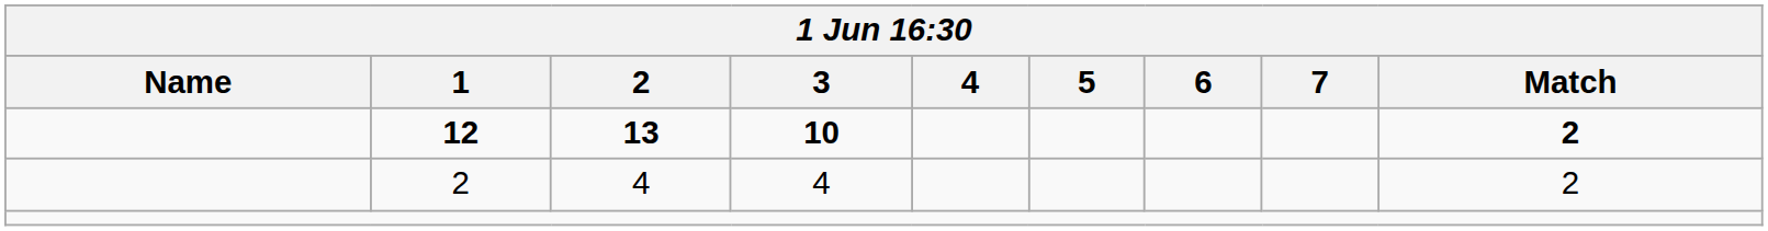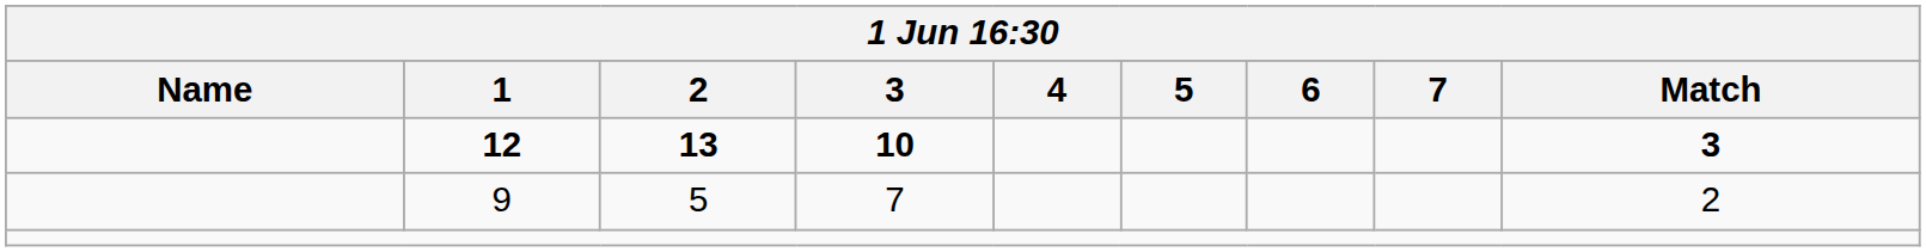 <table class=wikitable style="text-align:center; width: 55%">
 <tr>
 <th colspan=17><em> 1 Jun 16:30</em></th>
 </tr>
 <tr>
 <th>Name</th>
 <th>1</th>
 <th>2</th>
 <th>3</th>
 <th>4</th>
 <th>5</th>
 <th>6</th>
 <th>7</th>
 <th>Match</th>
 </tr>
 <tr>
 <td style="text-align:left;"><strong></strong></td>
 <td><strong>12</strong></td>
 <td><strong>13</strong></td>
 <td><strong>10</strong></td>
 <td></td>
 <td></td>
 <td></td>
 <td></td>
-<td><strong>2</strong></td>
+<td><strong>3</strong></td>
 </tr>
 <tr>
 <td style="text-align:left;"></td>
-<td>2</td>
-<td>4</td>
-<td>4</td>
+<td>9</td>
+<td>5</td>
+<td>7</td>
 <td></td>
 <td></td>
 <td></td>
 <td></td>
 <td>2</td>
 </tr>
 <tr>
 <td colspan=17></td>
 </tr>
 </table>
